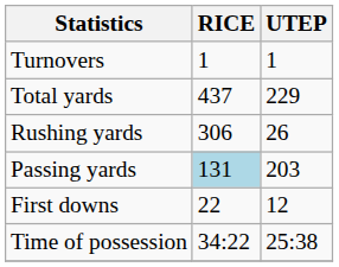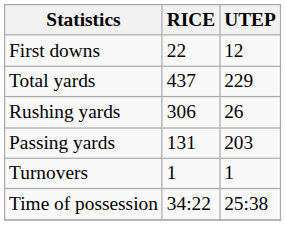 <table class="wikitable">
 <tr>
 <th>Statistics</th>
 <th>RICE</th>
 <th>UTEP</th>
 </tr>
 <tr>
-<td>Turnovers</td>
-<td>1</td>
-<td>1</td>
+<td>First downs</td>
+<td>22</td>
+<td>12</td>
 </tr>
 <tr>
 <td>Total yards</td>
 <td>437</td>
 <td>229</td>
 </tr>
 <tr>
 <td>Rushing yards</td>
 <td>306</td>
 <td>26</td>
 </tr>
 <tr>
 <td>Passing yards</td>
-<td style="background: lightblue;">131</td>
+<td>131</td>
 <td>203</td>
 </tr>
 <tr>
-<td>First downs</td>
-<td>22</td>
-<td>12</td>
+<td>Turnovers</td>
+<td>1</td>
+<td>1</td>
 </tr>
 <tr>
 <td>Time of possession</td>
 <td>34:22</td>
 <td>25:38</td>
 </tr>
 <tr>
 </tr>
 </table>
